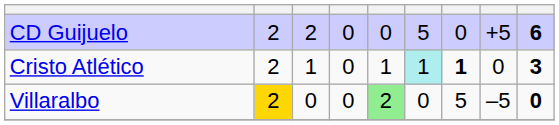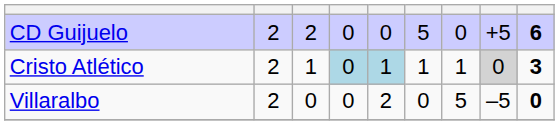 <table class="wikitable" style="text-align: center;">
 <tr>
 <th width="175"></th>
 <th width="20"></th>
 <th width="20"></th>
 <th width="20"></th>
 <th width="20"></th>
 <th width="20"></th>
 <th width="20"></th>
 <th width="20"></th>
 <th width="20"></th>
 </tr>
 <tr bgcolor=#ccccff>
 <td align=left><a href='#'>CD Guijuelo</a></td>
 <td>2</td>
 <td>2</td>
 <td>0</td>
 <td>0</td>
 <td>5</td>
 <td>0</td>
 <td>+5</td>
 <td><strong>6</strong></td>
 </tr>
 <tr>
 <td align=left><a href='#'>Cristo Atlético</a></td>
 <td>2</td>
 <td>1</td>
-<td>0</td>
+<td style="background: lightblue;">0</td>
+<td style="background: lightblue;">1</td>
 <td>1</td>
-<td style="background: paleturquoise;">1</td>
-<td><strong>1</strong></td>
-<td>0</td>
+<td>1</td>
+<td style="background: lightgrey;">0</td>
 <td><strong>3</strong></td>
 </tr>
 <tr>
 <td align=left><a href='#'>Villaralbo</a></td>
-<td style="background: gold;">2</td>
+<td>2</td>
 <td>0</td>
 <td>0</td>
-<td style="background: lightgreen;">2</td>
+<td>2</td>
 <td>0</td>
 <td>5</td>
 <td>–5</td>
 <td><strong>0</strong></td>
 </tr>
 <tr>
 </tr>
 </table>
